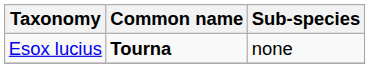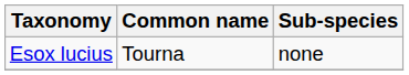 <table class="wikitable">
 <tr>
 <th>Taxonomy</th>
 <th>Common name</th>
 <th>Sub-species</th>
 </tr>
 <tr>
 <td><a href='#'>Esox lucius</a></td>
-<td><strong>Tourna</strong></td>
+<td>Tourna</td>
 <td>none</td>
 </tr>
 <tr>
 </tr>
 </table>
